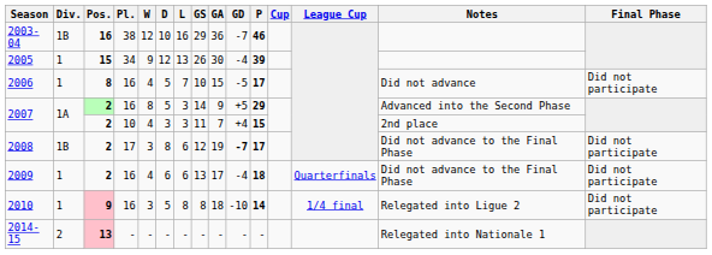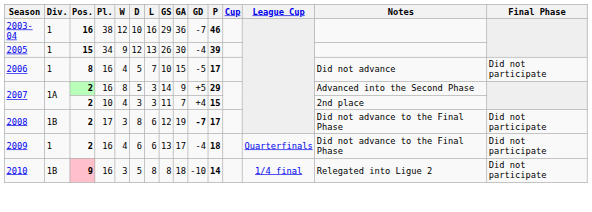 <table class="wikitable">
 <tr style="background:#efefef;">
 <th>Season</th>
 <th>Div.</th>
 <th>Pos.</th>
 <th>Pl.</th>
 <th>W</th>
 <th>D</th>
 <th>L</th>
 <th>GS</th>
 <th>GA</th>
 <th>GD</th>
 <th>P</th>
 <th><a href='#'>Cup</a></th>
 <th><a href='#'>League Cup</a></th>
 <th>Notes</th>
 <th>Final Phase</th>
 </tr>
 <tr>
 <td><a href='#'>2003-04</a></td>
-<td>1B</td>
+<td>1</td>
 <td align=right><strong>16</strong></td>
 <td align=right>38</td>
 <td align=right>12</td>
 <td align=right>10</td>
 <td align=right>16</td>
 <td align=right>29</td>
 <td align=right>36</td>
 <td align=right>-7</td>
 <td align=right><strong>46</strong></td>
 <td></td>
 <td rowspan=6 bgcolor=EFEFEF></td>
 <td></td>
 <td rowspan=2 bgcolor=EFEFEF></td>
 </tr>
 <tr>
 <td><a href='#'>2005</a></td>
 <td>1</td>
 <td align=right><strong>15</strong></td>
 <td align=right>34</td>
 <td align=right>9</td>
 <td align=right>12</td>
 <td align=right>13</td>
 <td align=right>26</td>
 <td align=right>30</td>
 <td align=right>-4</td>
 <td align=right><strong>39</strong></td>
 <td></td>
 <td></td>
 </tr>
 <tr>
 <td><a href='#'>2006</a></td>
 <td>1</td>
 <td align=right><strong>8</strong></td>
 <td align=right>16</td>
 <td align=right>4</td>
 <td align=right>5</td>
 <td align=right>7</td>
 <td align=right>10</td>
 <td align=right>15</td>
 <td align=right>-5</td>
 <td align=right><strong>17</strong></td>
 <td></td>
 <td>Did not advance</td>
 <td>Did not participate</td>
 </tr>
 <tr>
 <td rowspan=2><a href='#'>2007</a></td>
 <td rowspan=2>1A</td>
 <td align=right bgcolor=B9FFB9><strong>2</strong></td>
 <td align=right>16</td>
 <td align=right>8</td>
 <td align=right>5</td>
 <td align=right>3</td>
 <td align=right>14</td>
 <td align=right>9</td>
 <td align=right>+5</td>
 <td align=right><strong>29</strong></td>
 <td rowspan=2></td>
 <td>Advanced into the Second Phase</td>
 <td rowspan=2 bgcolor=EFEFEF></td>
 </tr>
 <tr>
 <td align=right><strong>2</strong></td>
 <td align=right>10</td>
 <td align=right>4</td>
 <td align=right>3</td>
 <td align=right>3</td>
 <td align=right>11</td>
 <td align=right>7</td>
 <td align=right>+4</td>
 <td align=right><strong>15</strong></td>
 <td>2nd place</td>
 </tr>
 <tr>
 <td><a href='#'>2008</a></td>
 <td>1B</td>
 <td align=right><strong>2</strong></td>
 <td align=right>17</td>
 <td align=right>3</td>
 <td align=right>8</td>
 <td align=right>6</td>
 <td align=right>12</td>
 <td align=right>19</td>
 <td align=right><strong>-7</strong></td>
 <td align=right><strong>17</strong></td>
 <td></td>
 <td>Did not advance to the Final Phase</td>
 <td>Did not participate</td>
 </tr>
 <tr>
 <td><a href='#'>2009</a></td>
 <td>1</td>
 <td align=right><strong>2</strong></td>
 <td align=right>16</td>
 <td align=right>4</td>
 <td align=right>6</td>
 <td align=right>6</td>
 <td align=right>13</td>
 <td align=right>17</td>
 <td align=right>-4</td>
 <td align=right><strong>18</strong></td>
 <td></td>
 <td align=center><a href='#'>Quarterfinals</a></td>
 <td>Did not advance to the Final Phase</td>
 <td>Did not participate</td>
 </tr>
 <tr>
 <td><a href='#'>2010</a></td>
-<td>1</td>
+<td>1B</td>
 <td align=right bgcolor="#FFC0CB"><strong>9</strong></td>
 <td align=right>16</td>
 <td align=right>3</td>
 <td align=right>5</td>
 <td align=right>8</td>
 <td align=right>8</td>
 <td align=right>18</td>
 <td align=right>-10</td>
 <td align=right><strong>14</strong></td>
 <td></td>
 <td align=center><a href='#'>1/4 final</a></td>
 <td>Relegated into Ligue 2</td>
 <td>Did not participate</td>
 </tr>
-<tr>
-<td><a href='#'>2014-15</a></td>
-<td>2</td>
-<td align=right bgcolor="#ffcocb"><strong>13</strong></td>
-<td align=right>-</td>
-<td align=right>-</td>
-<td align=right>-</td>
-<td align=right>-</td>
-<td align=right>-</td>
-<td align=right>-</td>
-<td align=right>-</td>
-<td align=right>-</td>
-<td></td>
-<td></td>
-<td>Relegated into Nationale 1</td>
-<td bgcolor=EFEFEF></td>
-</tr>
 </table>
